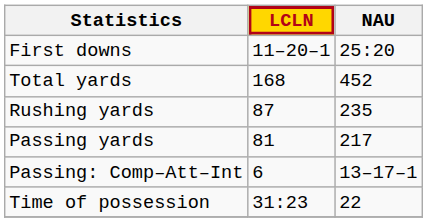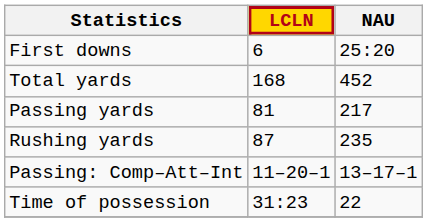 <table class="wikitable" style="float: left;">
 <tr>
 <th>Statistics</th>
 <th style="background-color:gold;color:#B20317;box-shadow: inset 2px 2px 0 #B20317, inset -2px -2px 0 #B20317">LCLN</th>
 <th>NAU</th>
 </tr>
 <tr>
 <td>First downs</td>
-<td>11–20–1</td>
+<td>6</td>
 <td>25:20</td>
 </tr>
 <tr>
 <td>Total yards</td>
 <td>168</td>
 <td>452</td>
 </tr>
 <tr>
+<td>Passing yards</td>
+<td>81</td>
+<td>217</td>
+</tr>
+<tr>
 <td>Rushing yards</td>
 <td>87</td>
 <td>235</td>
 </tr>
 <tr>
-<td>Passing yards</td>
-<td>81</td>
-<td>217</td>
-</tr>
-<tr>
 <td>Passing: Comp–Att–Int</td>
-<td>6</td>
+<td>11–20–1</td>
 <td>13–17–1</td>
 </tr>
 <tr>
 <td>Time of possession</td>
 <td>31:23</td>
 <td>22</td>
 </tr>
 <tr>
 </tr>
 </table>
